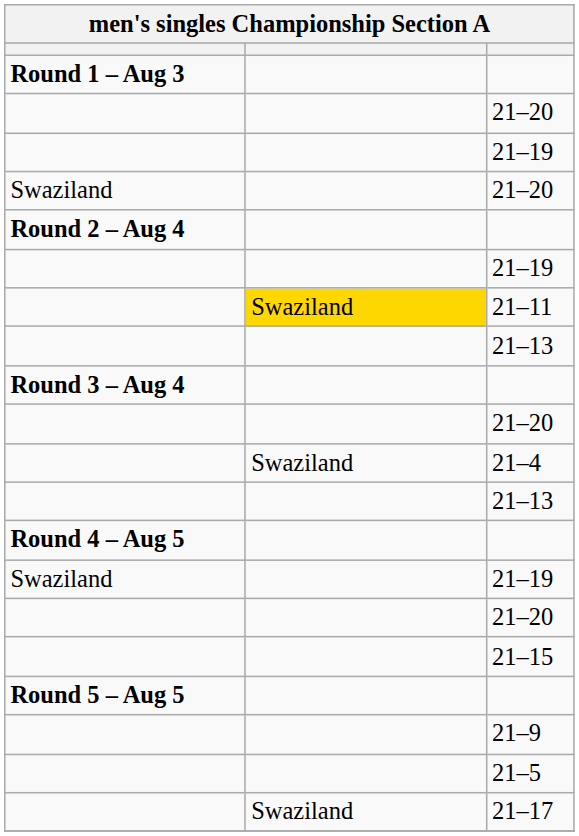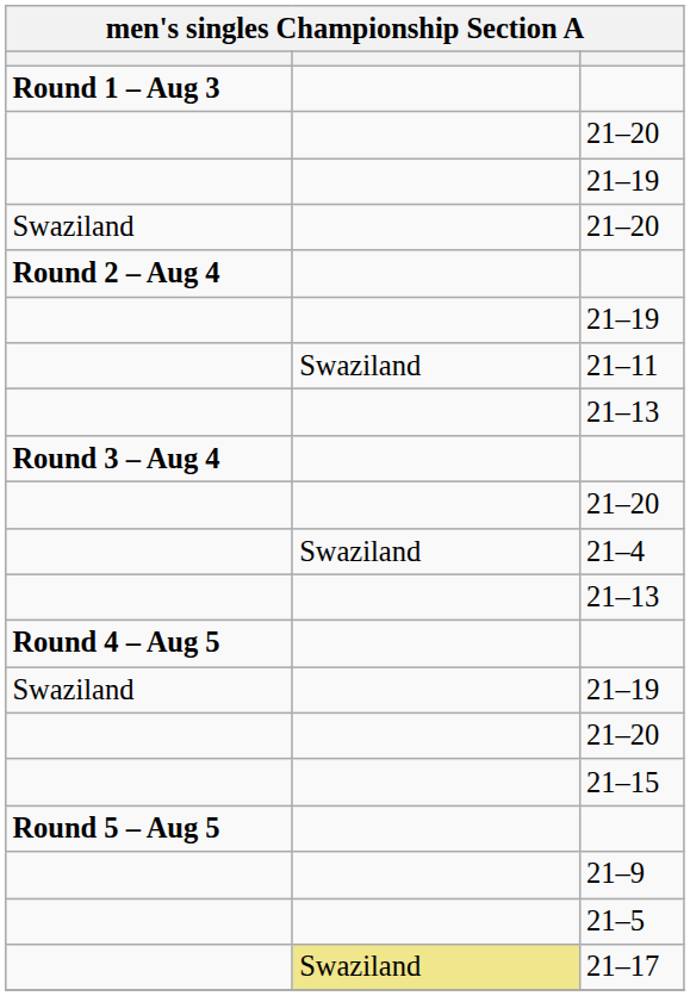 <table class="wikitable">
 <tr>
 <th colspan="3">men's singles Championship Section A</th>
 </tr>
 <tr>
 <th width=150></th>
 <th width=150></th>
 <th width=50></th>
 </tr>
 <tr>
 <td><strong>Round 1 – Aug 3</strong></td>
 <td></td>
 <td></td>
 </tr>
 <tr>
 <td></td>
 <td></td>
 <td>21–20</td>
 </tr>
 <tr>
 <td></td>
 <td></td>
 <td>21–19</td>
 </tr>
 <tr>
 <td> Swaziland</td>
 <td></td>
 <td>21–20</td>
 </tr>
 <tr>
 <td><strong>Round 2 – Aug 4</strong></td>
 <td></td>
 <td></td>
 </tr>
 <tr>
 <td></td>
 <td></td>
 <td>21–19</td>
 </tr>
 <tr>
 <td></td>
-<td style="background: gold;"> Swaziland</td>
+<td> Swaziland</td>
 <td>21–11</td>
 </tr>
 <tr>
 <td></td>
 <td></td>
 <td>21–13</td>
 </tr>
 <tr>
 <td><strong>Round 3 – Aug 4</strong></td>
 <td></td>
 <td></td>
 </tr>
 <tr>
 <td></td>
 <td></td>
 <td>21–20</td>
 </tr>
 <tr>
 <td></td>
 <td> Swaziland</td>
 <td>21–4</td>
 </tr>
 <tr>
 <td></td>
 <td></td>
 <td>21–13</td>
 </tr>
 <tr>
 <td><strong>Round 4 – Aug 5</strong></td>
 <td></td>
 <td></td>
 </tr>
 <tr>
 <td> Swaziland</td>
 <td></td>
 <td>21–19</td>
 </tr>
 <tr>
 <td></td>
 <td></td>
 <td>21–20</td>
 </tr>
 <tr>
 <td></td>
 <td></td>
 <td>21–15</td>
 </tr>
 <tr>
 <td><strong>Round 5 – Aug 5</strong></td>
 <td></td>
 <td></td>
 </tr>
 <tr>
 <td></td>
 <td></td>
 <td>21–9</td>
 </tr>
 <tr>
 <td></td>
 <td></td>
 <td>21–5</td>
 </tr>
 <tr>
 <td></td>
-<td> Swaziland</td>
+<td style="background: khaki;"> Swaziland</td>
 <td>21–17</td>
 </tr>
 <tr>
 </tr>
 </table>
